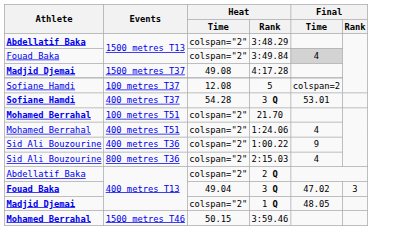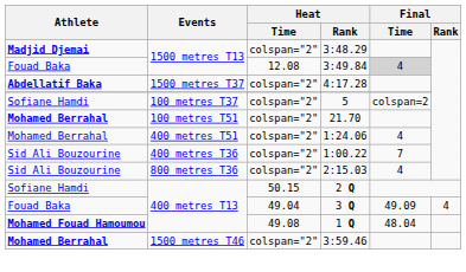 <table class=wikitable style="text-align: center; font-size:90%">
 <tr>
 <th rowspan="2">Athlete</th>
 <th rowspan="2">Events</th>
 <th colspan="2">Heat</th>
 <th colspan="2">Final</th>
 </tr>
 <tr>
 <th>Time</th>
 <th>Rank</th>
 <th>Time</th>
 <th>Rank</th>
 </tr>
 <tr>
-<td align=left><strong><a href='#'>Abdellatif Baka</a></strong></td>
+<td align=left><strong><a href='#'>Madjid Djemai</a></strong></td>
 <td align=left rowspan=2><a href='#'>1500 metres T13</a></td>
 <td>colspan="2" </td>
 <td>3:48.29 <strong></strong></td>
 <td></td>
 </tr>
 <tr>
 <td align=left><a href='#'>Fouad Baka</a></td>
-<td>colspan="2" </td>
+<td>12.08</td>
 <td>3:49.84 <strong></strong></td>
 <td style="background: lightgrey;">4</td>
 </tr>
 <tr>
-<td align=left><strong><a href='#'>Madjid Djemai</a></strong></td>
+<td align=left><strong><a href='#'>Abdellatif Baka</a></strong></td>
 <td align=left><a href='#'>1500 metres T37</a></td>
-<td>49.08</td>
+<td>colspan="2" </td>
 <td>4:17.28</td>
 <td></td>
 </tr>
 <tr>
 </tr>
 <tr>
 <td align=left><a href='#'>Sofiane Hamdi</a></td>
 <td align=left><a href='#'>100 metres T37</a></td>
-<td>12.08</td>
+<td>colspan="2" </td>
 <td>5</td>
 <td>colspan=2</td>
-</tr>
-<tr>
-<td align=left><strong><a href='#'>Sofiane Hamdi</a></strong></td>
-<td align=left><a href='#'>400 metres T37</a></td>
-<td>54.28</td>
-<td>3 <strong>Q</strong></td>
-<td>53.01 <strong></strong></td>
-<td></td>
 </tr>
 <tr>
 <td align=left><strong><a href='#'>Mohamed Berrahal</a></strong></td>
 <td align=left><a href='#'>100 metres T51</a></td>
 <td>colspan="2" </td>
 <td>21.70</td>
 <td></td>
 </tr>
 <tr>
 <td align=left><a href='#'>Mohamed Berrahal</a></td>
 <td align=left><a href='#'>400 metres T51</a></td>
 <td>colspan="2" </td>
 <td>1:24.06</td>
 <td>4</td>
 </tr>
 <tr>
 <td align=left><a href='#'>Sid Ali Bouzourine</a></td>
 <td align=left><a href='#'>400 metres T36</a></td>
 <td>colspan="2" </td>
 <td>1:00.22</td>
-<td>9</td>
+<td>7</td>
 </tr>
 <tr>
 <td align=left><a href='#'>Sid Ali Bouzourine</a></td>
 <td align=left><a href='#'>800 metres T36</a></td>
 <td>colspan="2" </td>
 <td>2:15.03</td>
 <td>4</td>
 </tr>
 <tr>
-<td align=left><a href='#'>Abdellatif Baka</a></td>
+<td align=left><a href='#'>Sofiane Hamdi</a></td>
 <td align=left rowspan=3><a href='#'>400 metres T13</a></td>
-<td>colspan="2" </td>
+<td>50.15</td>
 <td>2 <strong>Q</strong></td>
 <td colspan=2></td>
 </tr>
 <tr>
-<td align=left><strong><a href='#'>Fouad Baka</a></strong></td>
+<td align=left><a href='#'>Fouad Baka</a></td>
 <td>49.04 <strong></strong></td>
 <td>3 <strong>Q</strong></td>
-<td>47.02</td>
-<td>3</td>
+<td>49.09</td>
+<td>4</td>
 </tr>
 <tr>
-<td align=left><strong><a href='#'>Madjid Djemai</a></strong></td>
-<td>colspan="2" </td>
+<td align=left><strong><a href='#'>Mohamed Fouad Hamoumou</a></strong></td>
+<td>49.08</td>
 <td>1 <strong>Q</strong></td>
-<td>48.05 <strong></strong></td>
+<td>48.04 <strong></strong></td>
 <td></td>
 </tr>
 <tr>
 <td align=left><strong><a href='#'>Mohamed Berrahal</a></strong></td>
 <td align=left><a href='#'>1500 metres T46</a></td>
-<td>50.15</td>
+<td>colspan="2" </td>
 <td>3:59.46 <strong></strong></td>
 <td></td>
 </tr>
 </table>
